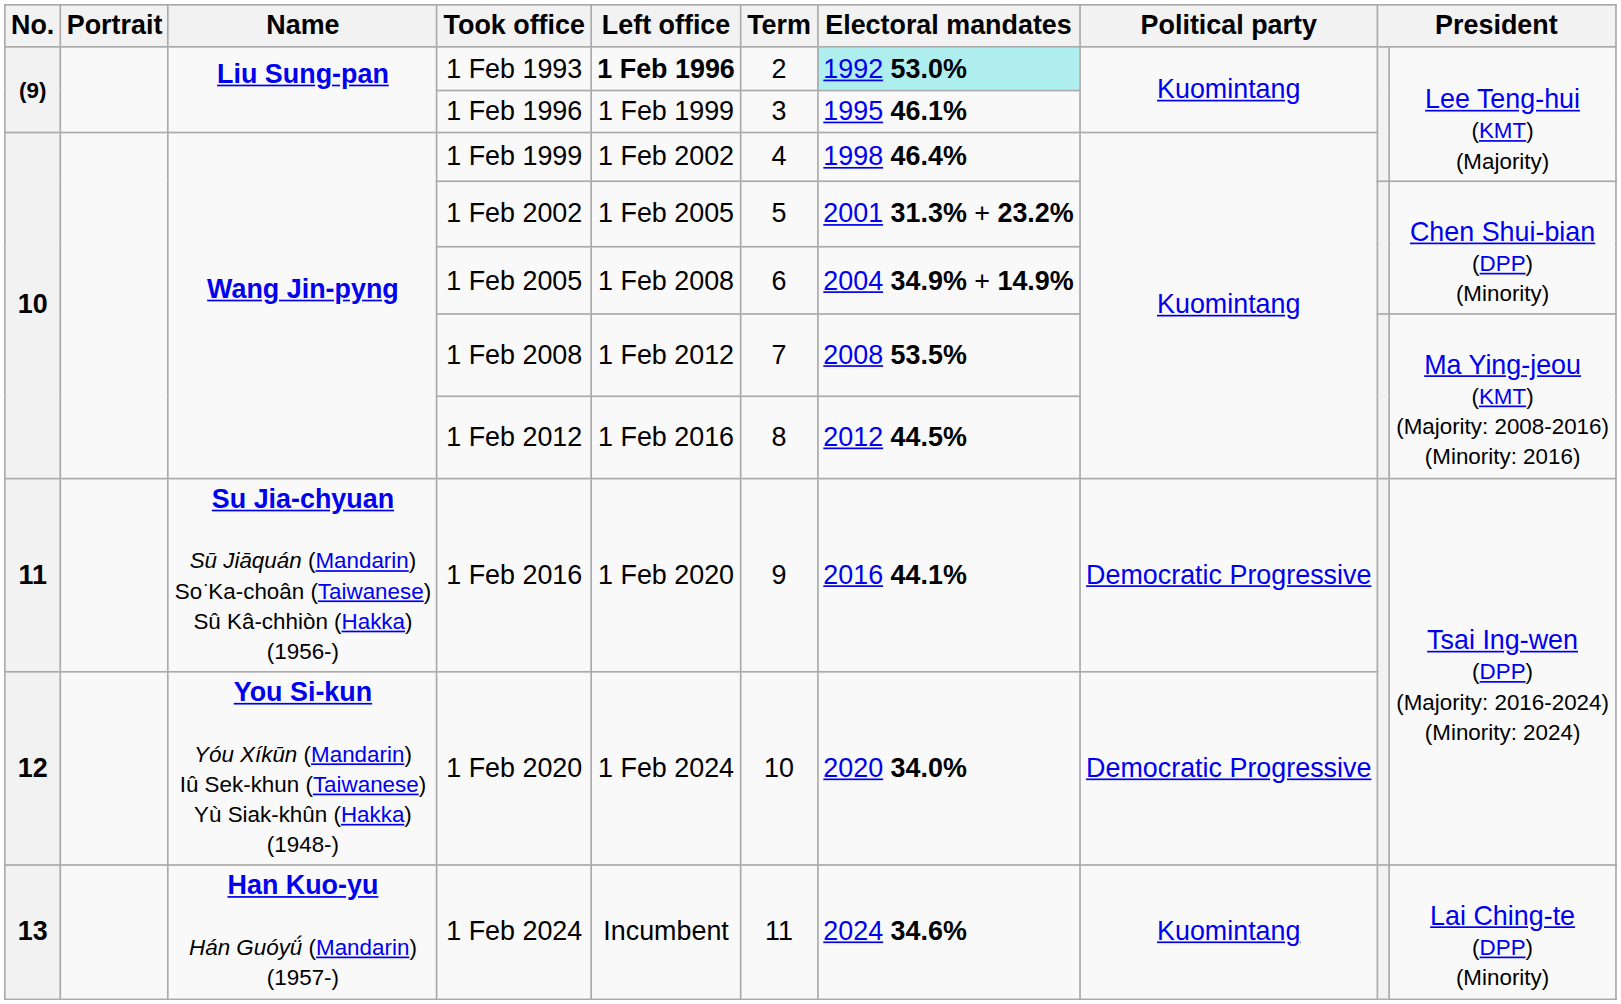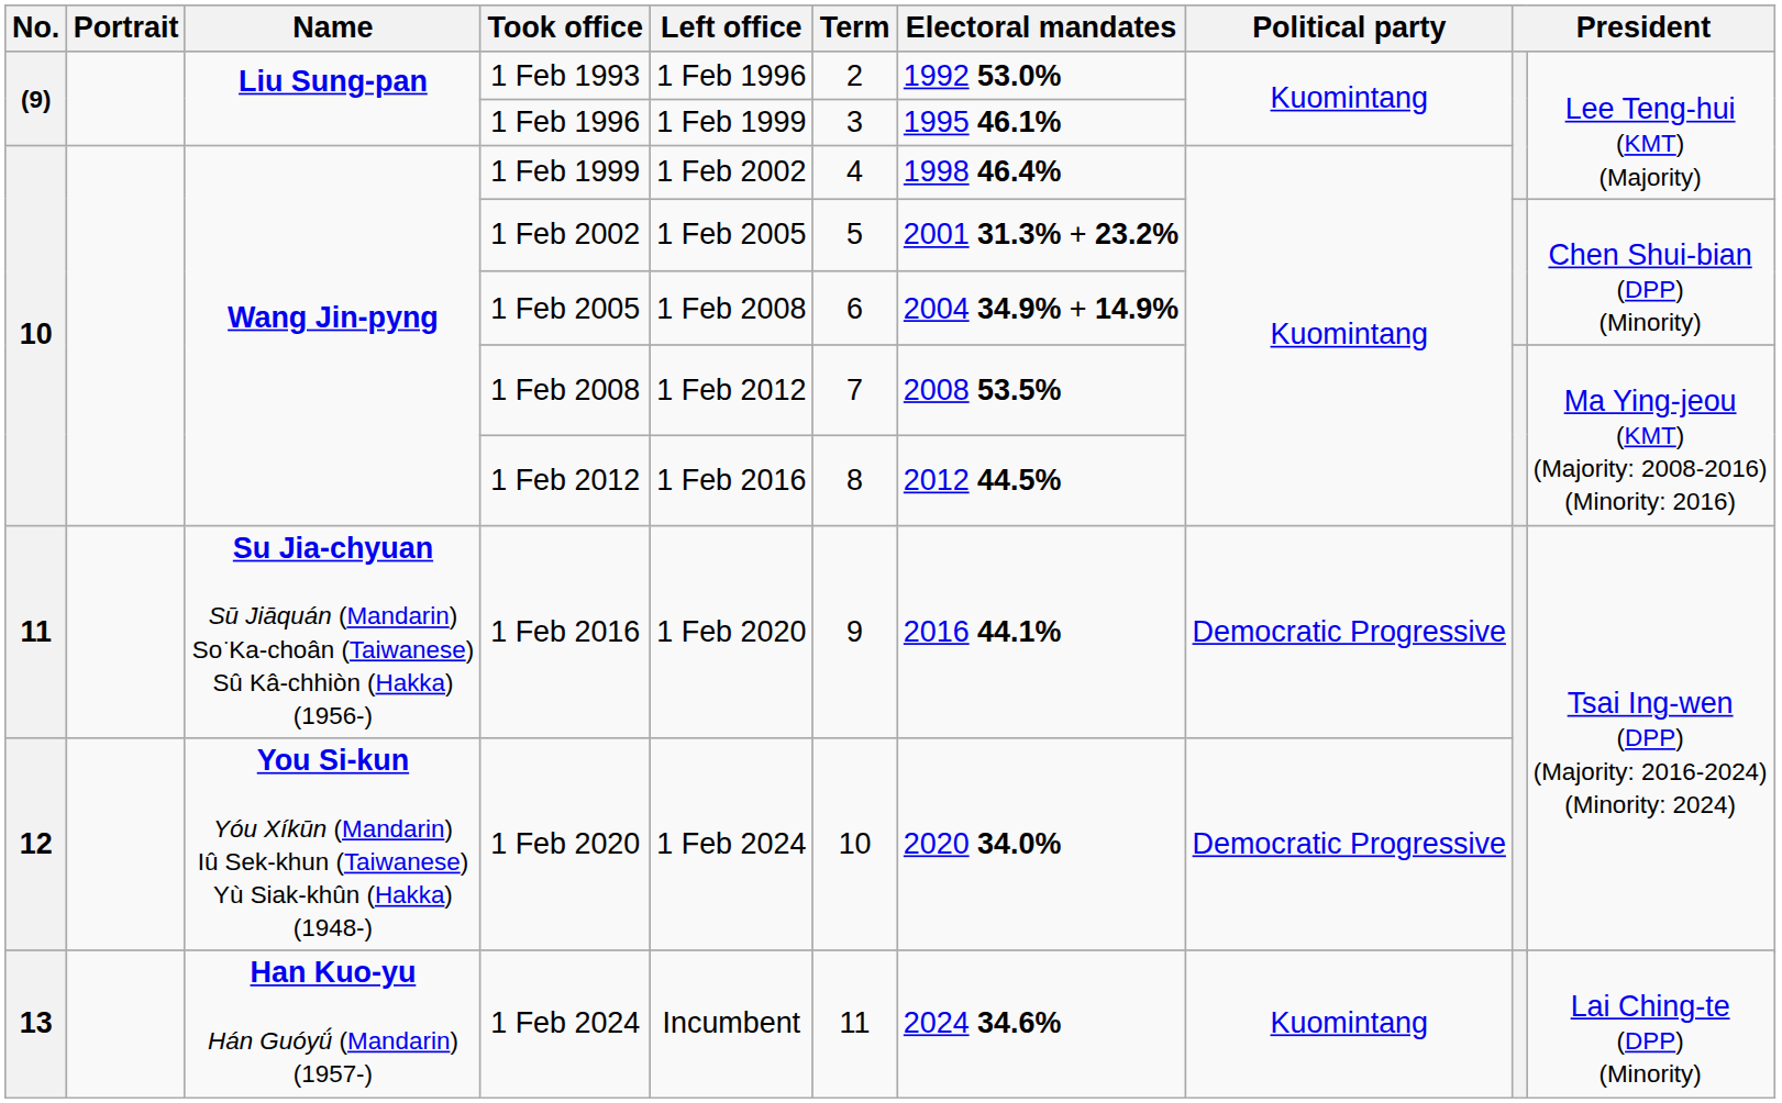 <table class=wikitable style="text-align:center;">
 <tr>
 <th>No.</th>
 <th>Portrait</th>
 <th>Name<br></th>
 <th>Took office</th>
 <th>Left office</th>
 <th>Term</th>
 <th>Electoral mandates <br></th>
 <th>Political party</th>
 <th colspan=2>President<br></th>
 </tr>
 <tr>
 <th rowspan=2 style="background:"><small>(9)</small></th>
 <td rowspan=2></td>
 <td rowspan=2><strong><a href='#'>Liu Sung-pan</a></strong><br><br></td>
 <td>1 Feb 1993</td>
-<td><strong>1 Feb 1996</strong></td>
+<td>1 Feb 1996</td>
 <td>2</td>
-<td align=left style="background: paleturquoise;"><a href='#'>1992</a> <strong>53.0%</strong></td>
+<td align=left><a href='#'>1992</a> <strong>53.0%</strong></td>
 <td rowspan=2><a href='#'>Kuomintang</a></td>
 <th rowspan=3 style="background:"></th>
 <td rowspan=3><br><a href='#'>Lee Teng-hui</a><br><small>(<a href='#'>KMT</a>)</small><br><small>(Majority)</small></td>
 </tr>
 <tr>
 <td>1 Feb 1996</td>
 <td>1 Feb 1999</td>
 <td>3</td>
 <td align=left><a href='#'>1995</a> <strong>46.1%</strong></td>
 </tr>
 <tr>
 <th rowspan=6 style="background:">10</th>
 <td rowspan=6></td>
 <td rowspan=6><strong><a href='#'>Wang Jin-pyng</a></strong><br><br></td>
 <td rowspan=2>1 Feb 1999</td>
 <td rowspan=2>1 Feb 2002</td>
 <td rowspan=2>4</td>
 <td rowspan=2 align=left><a href='#'>1998</a> <strong>46.4%</strong></td>
 <td rowspan=6><a href='#'>Kuomintang</a></td>
 </tr>
 <tr>
 <th rowspan=3 style="background:"></th>
 <td rowspan=3><br><a href='#'>Chen Shui-bian</a><br><small>(<a href='#'>DPP</a>)</small><br><small>(Minority)</small></td>
 </tr>
 <tr>
 <td>1 Feb 2002</td>
 <td>1 Feb 2005</td>
 <td>5</td>
 <td align=left><a href='#'>2001</a> <strong>31.3%</strong> + <strong>23.2%</strong><br></td>
 </tr>
 <tr>
 <td>1 Feb 2005</td>
 <td>1 Feb 2008</td>
 <td>6</td>
 <td align=left><a href='#'>2004</a> <strong>34.9%</strong> + <strong>14.9%</strong><br></td>
 </tr>
 <tr>
 <td>1 Feb 2008</td>
 <td>1 Feb 2012</td>
 <td>7</td>
 <td align=left><a href='#'>2008</a> <strong>53.5%</strong></td>
 <th rowspan=2 style="background:"></th>
 <td rowspan=2><br><a href='#'>Ma Ying-jeou</a><br><small>(<a href='#'>KMT</a>)</small><small><br>(Majority: 2008-2016)<br>(Minority: 2016)</small></td>
 </tr>
 <tr>
 <td>1 Feb 2012</td>
 <td>1 Feb 2016</td>
 <td>8</td>
 <td align=left><a href='#'>2012</a> <strong>44.5%</strong></td>
 </tr>
 <tr>
 <th style="background:">11</th>
 <td></td>
 <td><strong><a href='#'>Su Jia-chyuan</a></strong><br><br><small><em>Sū Jiāquán</em> (<a href='#'>Mandarin</a>)<br>So͘ Ka-choân (<a href='#'>Taiwanese</a>)<br>Sû Kâ-chhiòn (<a href='#'>Hakka</a>)<br>(1956-)</small><br></td>
 <td>1 Feb 2016</td>
 <td>1 Feb 2020</td>
 <td>9</td>
 <td align=left><a href='#'>2016</a> <strong>44.1%</strong></td>
 <td><a href='#'>Democratic Progressive</a></td>
 <th rowspan=3 style="background:"></th>
 <td rowspan=3><br><a href='#'>Tsai Ing-wen</a><br><small>(<a href='#'>DPP</a>)</small><small><br>(Majority: 2016-2024)<br>(Minority: 2024)</small></td>
 </tr>
 <tr>
 <th style="background:">12</th>
 <td></td>
 <td><strong><a href='#'>You Si-kun</a></strong><br><br><small><em>Yóu Xíkūn</em> (<a href='#'>Mandarin</a>)<br>Iû Sek-khun (<a href='#'>Taiwanese</a>)<br>Yù Siak-khûn (<a href='#'>Hakka</a>)<br>(1948-)</small><br></td>
 <td>1 Feb 2020</td>
 <td>1 Feb 2024</td>
 <td>10</td>
 <td align=left><a href='#'>2020</a> <strong>34.0%</strong></td>
 <td><a href='#'>Democratic Progressive</a></td>
 </tr>
 <tr>
 <th rowspan=2 style="background:">13</th>
 <td rowspan=2></td>
 <td rowspan=2><strong><a href='#'>Han Kuo-yu</a></strong><br><br><small><em>Hán Guóyǘ</em> (<a href='#'>Mandarin</a>)<br>(1957-)</small><br></td>
 <td rowspan=2>1 Feb 2024</td>
 <td rowspan=2>Incumbent</td>
 <td rowspan=2>11</td>
 <td rowspan=2 align=left><a href='#'>2024</a> <strong>34.6%</strong></td>
 <td rowspan=2><a href='#'>Kuomintang</a></td>
 </tr>
 <tr>
 <th style="background:"></th>
 <td><br><a href='#'>Lai Ching-te</a><br><small>(<a href='#'>DPP</a>)</small><small><br>(Minority)</small></td>
 </tr>
 </table>
